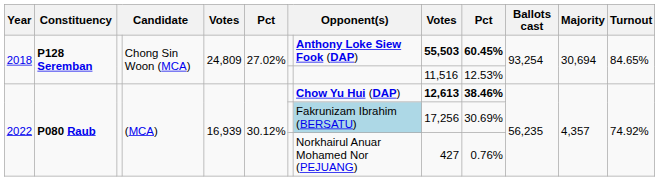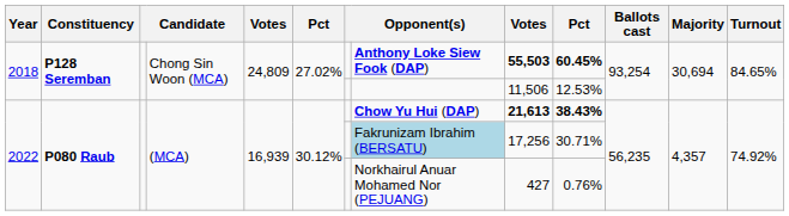 <table class="wikitable" style="margin:0.5em ; font-size:95%">
 <tr>
 <th>Year</th>
 <th>Constituency</th>
 <th colspan=2>Candidate</th>
 <th>Votes</th>
 <th>Pct</th>
 <th colspan=2>Opponent(s)</th>
 <th>Votes</th>
 <th>Pct</th>
 <th>Ballots cast</th>
 <th>Majority</th>
 <th>Turnout</th>
 </tr>
 <tr>
 <td rowspan=2><a href='#'>2018</a></td>
 <td rowspan=2><strong>P128 <a href='#'>Seremban</a></strong></td>
 <td rowspan=2 ></td>
 <td rowspan=2>Chong Sin Woon (<a href='#'>MCA</a>)</td>
 <td rowspan=2 align="right">24,809</td>
 <td rowspan=2>27.02%</td>
 <td></td>
 <td><strong><a href='#'>Anthony Loke Siew Fook</a></strong> (<a href='#'><strong>DAP</strong></a>)</td>
 <td align="right"><strong>55,503</strong></td>
 <td><strong>60.45%</strong></td>
 <td rowspan=2>93,254</td>
 <td rowspan=2>30,694</td>
 <td rowspan=2>84.65%</td>
 </tr>
 <tr>
 <td></td>
 <td></td>
-<td>11,516</td>
+<td>11,506</td>
 <td>12.53%</td>
 </tr>
 <tr>
 <td rowspan="3"><a href='#'>2022</a></td>
 <td rowspan=3><strong>P080 <a href='#'>Raub</a></strong></td>
 <td rowspan="3" ></td>
 <td rowspan="3"> (<a href='#'>MCA</a>)</td>
 <td rowspan="3" align="right">16,939</td>
 <td rowspan="3">30.12%</td>
 <td></td>
 <td><strong><a href='#'>Chow Yu Hui</a></strong> (<a href='#'><strong>DAP</strong></a>)</td>
-<td align="right"><strong>12,613</strong></td>
-<td><strong>38.46%</strong></td>
+<td align="right"><strong>21,613</strong></td>
+<td><strong>38.43%</strong></td>
 <td rowspan="3">56,235</td>
 <td rowspan="3">4,357</td>
 <td rowspan="3">74.92%</td>
 </tr>
 <tr>
 <td bgcolor=></td>
 <td style="background: lightblue;">Fakrunizam Ibrahim (<a href='#'>BERSATU</a>)</td>
 <td>17,256</td>
-<td align="right">30.69%</td>
+<td align="right">30.71%</td>
 </tr>
 <tr>
 <td bgcolor=></td>
 <td>Norkhairul Anuar Mohamed Nor (<a href='#'>PEJUANG</a>)</td>
 <td align=right>427</td>
 <td align="right">0.76%</td>
 </tr>
 </table>
